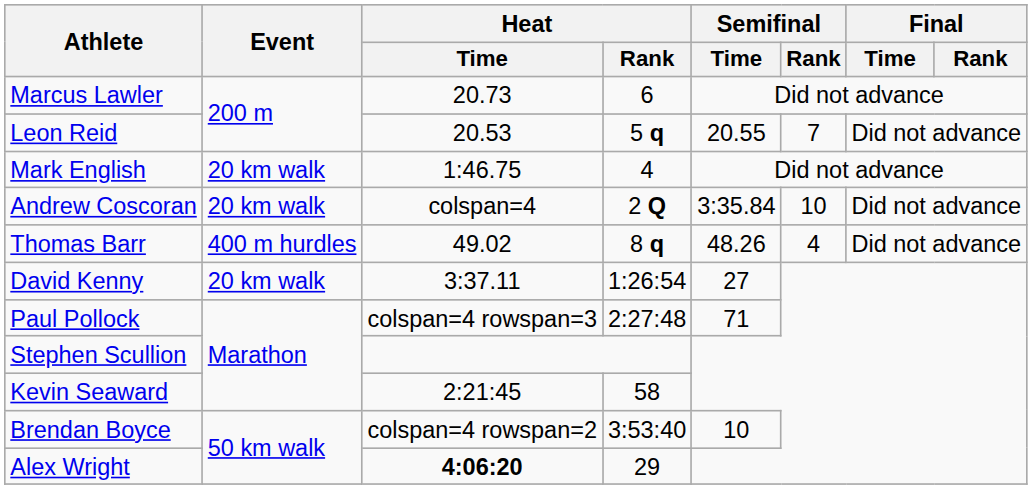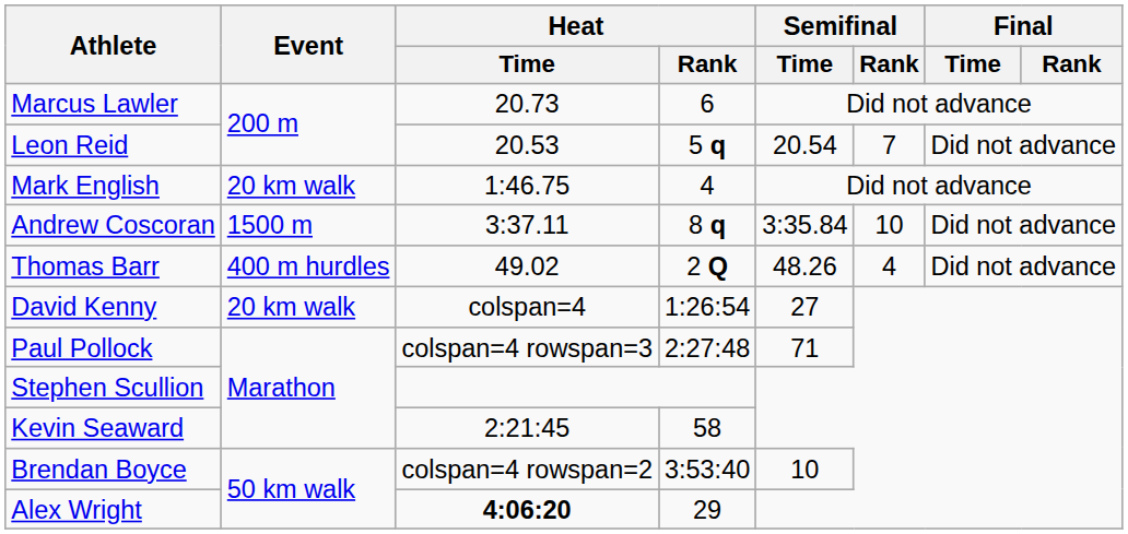 <table class=wikitable style=font-size:90%;text-align:center>
 <tr>
 <th rowspan=2>Athlete</th>
 <th rowspan=2>Event</th>
 <th colspan=2>Heat</th>
 <th colspan=2>Semifinal</th>
 <th colspan=2>Final</th>
 </tr>
 <tr style=font-size:95%>
 <th>Time</th>
 <th>Rank</th>
 <th>Time</th>
 <th>Rank</th>
 <th>Time</th>
 <th>Rank</th>
 </tr>
 <tr>
 <td align=left><a href='#'>Marcus Lawler</a></td>
 <td align=left rowspan=2><a href='#'>200 m</a></td>
 <td>20.73</td>
 <td>6</td>
 <td colspan=4>Did not advance</td>
 </tr>
 <tr>
 <td align=left><a href='#'>Leon Reid</a></td>
 <td>20.53</td>
 <td>5 <strong>q</strong></td>
-<td>20.55</td>
+<td>20.54</td>
 <td>7</td>
 <td colspan=2>Did not advance</td>
 </tr>
 <tr>
 <td align=left><a href='#'>Mark English</a></td>
 <td align=left><a href='#'>20 km walk</a></td>
 <td>1:46.75</td>
 <td>4</td>
 <td colspan=4>Did not advance</td>
 </tr>
 <tr>
 <td align=left><a href='#'>Andrew Coscoran</a></td>
-<td align=left><a href='#'>20 km walk</a></td>
-<td>colspan=4 </td>
-<td>2 <strong>Q</strong></td>
+<td align=left><a href='#'>1500 m</a></td>
+<td>3:37.11</td>
+<td>8 <strong>q</strong></td>
 <td>3:35.84</td>
 <td>10</td>
 <td colspan=2>Did not advance</td>
 </tr>
 <tr>
 <td align=left><a href='#'>Thomas Barr</a></td>
 <td align=left><a href='#'>400 m hurdles</a></td>
 <td>49.02</td>
-<td>8 <strong>q</strong></td>
+<td>2 <strong>Q</strong></td>
 <td>48.26</td>
 <td>4</td>
 <td colspan=2>Did not advance</td>
 </tr>
 <tr>
 <td align=left><a href='#'>David Kenny</a></td>
 <td align=left><a href='#'>20 km walk</a></td>
-<td>3:37.11</td>
+<td>colspan=4 </td>
 <td>1:26:54</td>
 <td>27</td>
 </tr>
 <tr>
 <td align=left><a href='#'>Paul Pollock</a></td>
 <td align=left rowspan=3><a href='#'>Marathon</a></td>
 <td>colspan=4 rowspan=3 </td>
 <td>2:27:48</td>
 <td>71</td>
 </tr>
 <tr>
 <td align=left><a href='#'>Stephen Scullion</a></td>
 <td colspan=2></td>
 </tr>
 <tr>
 <td align=left><a href='#'>Kevin Seaward</a></td>
 <td>2:21:45</td>
 <td>58</td>
 </tr>
 <tr>
 <td align=left><a href='#'>Brendan Boyce</a></td>
 <td align=left rowspan=2><a href='#'>50 km walk</a></td>
 <td>colspan=4 rowspan=2 </td>
 <td>3:53:40</td>
 <td>10</td>
 </tr>
 <tr>
 <td align=left><a href='#'>Alex Wright</a></td>
 <td><strong>4:06:20</strong></td>
 <td>29</td>
 </tr>
 </table>
